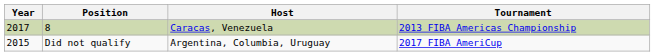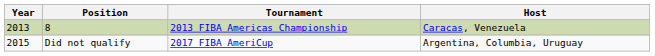 <table class="wikitable" style="width:70%;">
 <tr>
 <th>Year</th>
 <th>Position</th>
+<th>Tournament</th>
 <th>Host</th>
-<th>Tournament</th>
 </tr>
 <tr style="background:#cedab0;">
-<td>2017</td>
+<td>2013</td>
 <td>8</td>
+<td><a href='#'>2013 FIBA Americas Championship</a></td>
 <td><a href='#'>Caracas</a>, Venezuela</td>
-<td><a href='#'>2013 FIBA Americas Championship</a></td>
 </tr>
 <tr style="background:">
 <td>2015</td>
 <td>Did not qualify</td>
+<td><a href='#'>2017 FIBA AmeriCup</a></td>
 <td>Argentina, Columbia, Uruguay</td>
-<td><a href='#'>2017 FIBA AmeriCup</a></td>
 </tr>
 </table>
